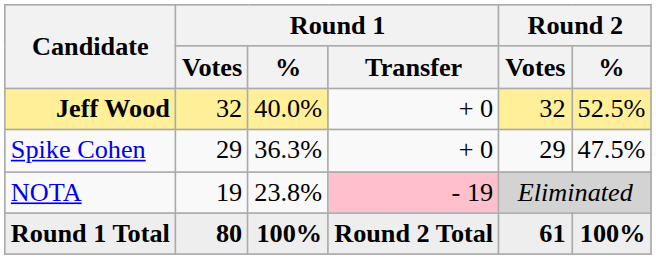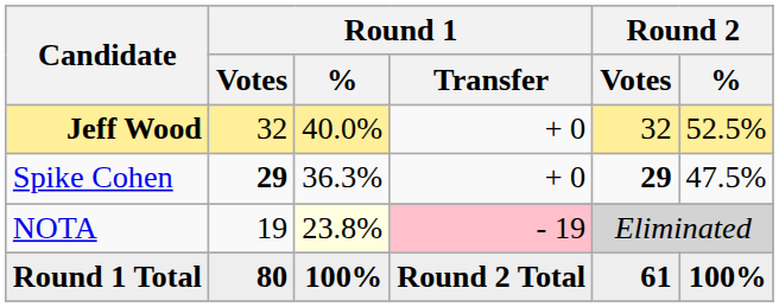 <table class="wikitable" style="text-align:right;">
 <tr>
 <th rowspan="2">Candidate</th>
 <th colspan="3">Round 1</th>
 <th colspan="3">Round 2</th>
 </tr>
 <tr>
 <th>Votes</th>
 <th>%</th>
 <th>Transfer</th>
 <th>Votes</th>
 <th>%</th>
 </tr>
 <tr>
 <td style="background:#ffef99;"><strong>Jeff Wood</strong></td>
 <td style="background:#ffef99;">32</td>
 <td style="background:#ffef99;">40.0%</td>
 <td>+ 0</td>
 <td style="background:#ffef99;">32</td>
 <td style="background:#ffef99;">52.5%</td>
 </tr>
 <tr>
 <td style="text-align:left;"><a href='#'>Spike Cohen</a></td>
-<td>29</td>
+<td><strong>29</strong></td>
 <td>36.3%</td>
 <td>+ 0</td>
-<td>29</td>
+<td><strong>29</strong></td>
 <td>47.5%</td>
 </tr>
 <tr>
 <td style="text-align:left;"><a href='#'>NOTA</a></td>
 <td>19</td>
-<td>23.8%</td>
+<td style="background: lightyellow;">23.8%</td>
 <td BGCOLOR=pink>- 19</td>
 <td colspan="8" bgcolor="lightgray" align="center"><em>Eliminated</em></td>
 </tr>
 <tr style="background:#eee;">
 <td style="margin-right:0.50px"><strong>Round 1 Total</strong></td>
 <td style="margin-right:0.50px"><strong>80</strong></td>
 <td style="margin-right:0.50px"><strong>100%</strong></td>
 <td style="margin-right:0.50px"><strong>Round 2 Total</strong></td>
 <td style="margin-right:0.50px"><strong>61</strong></td>
 <td style="margin-right:0.50px"><strong>100%</strong></td>
 </tr>
 </table>
